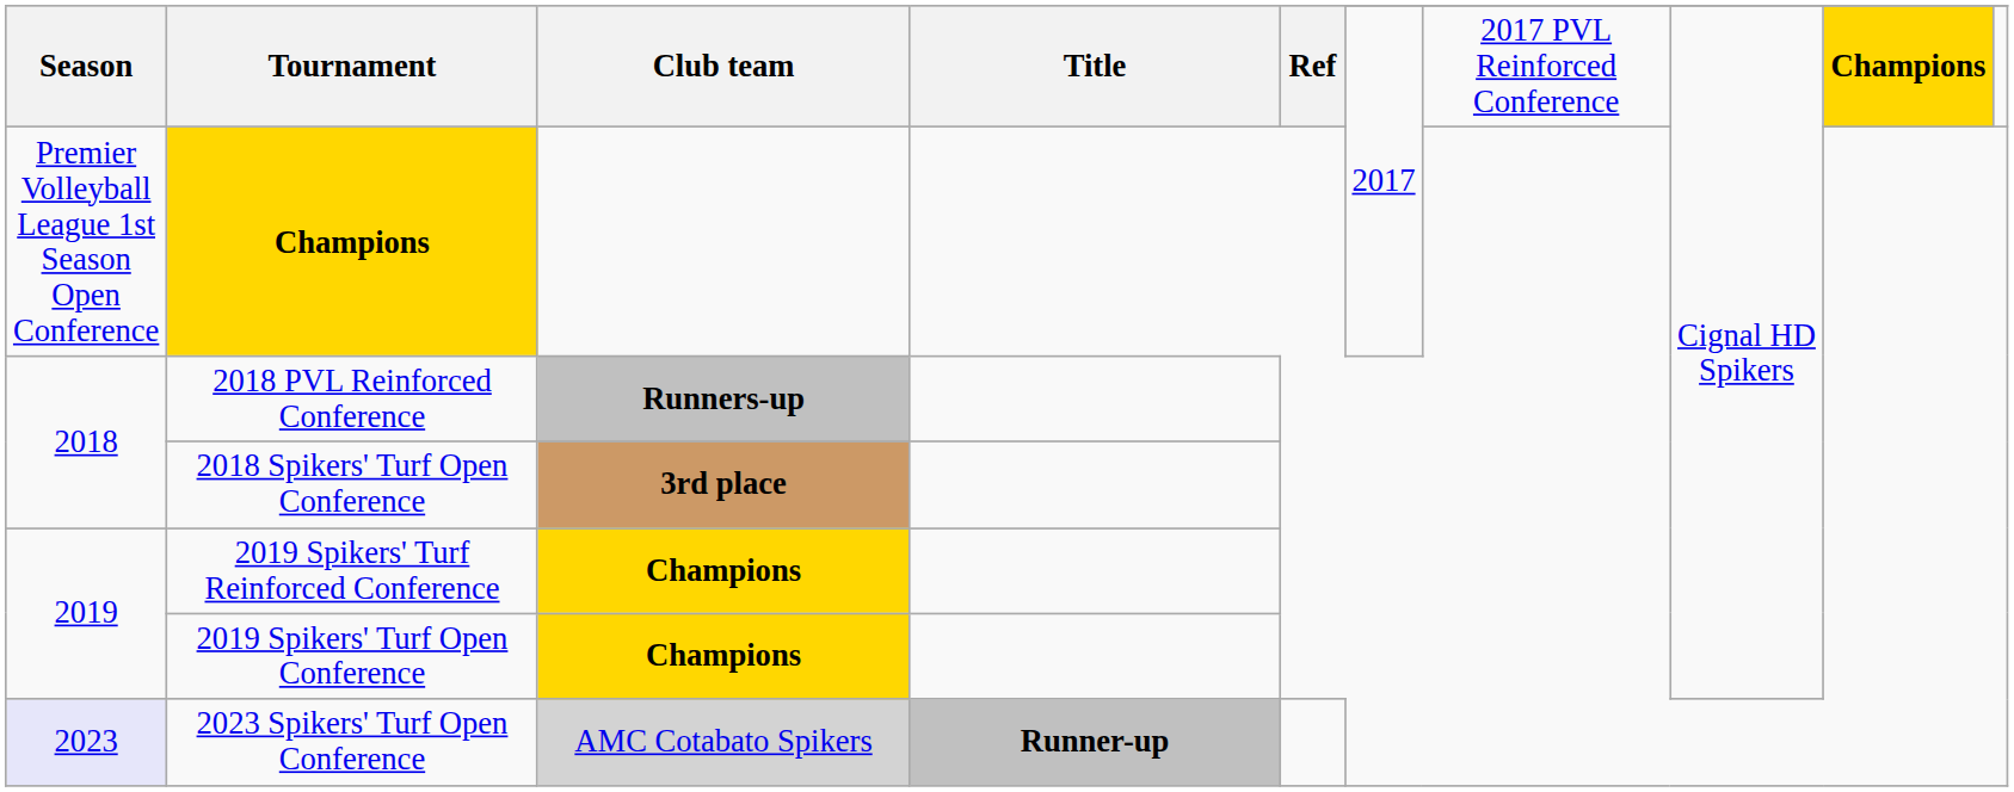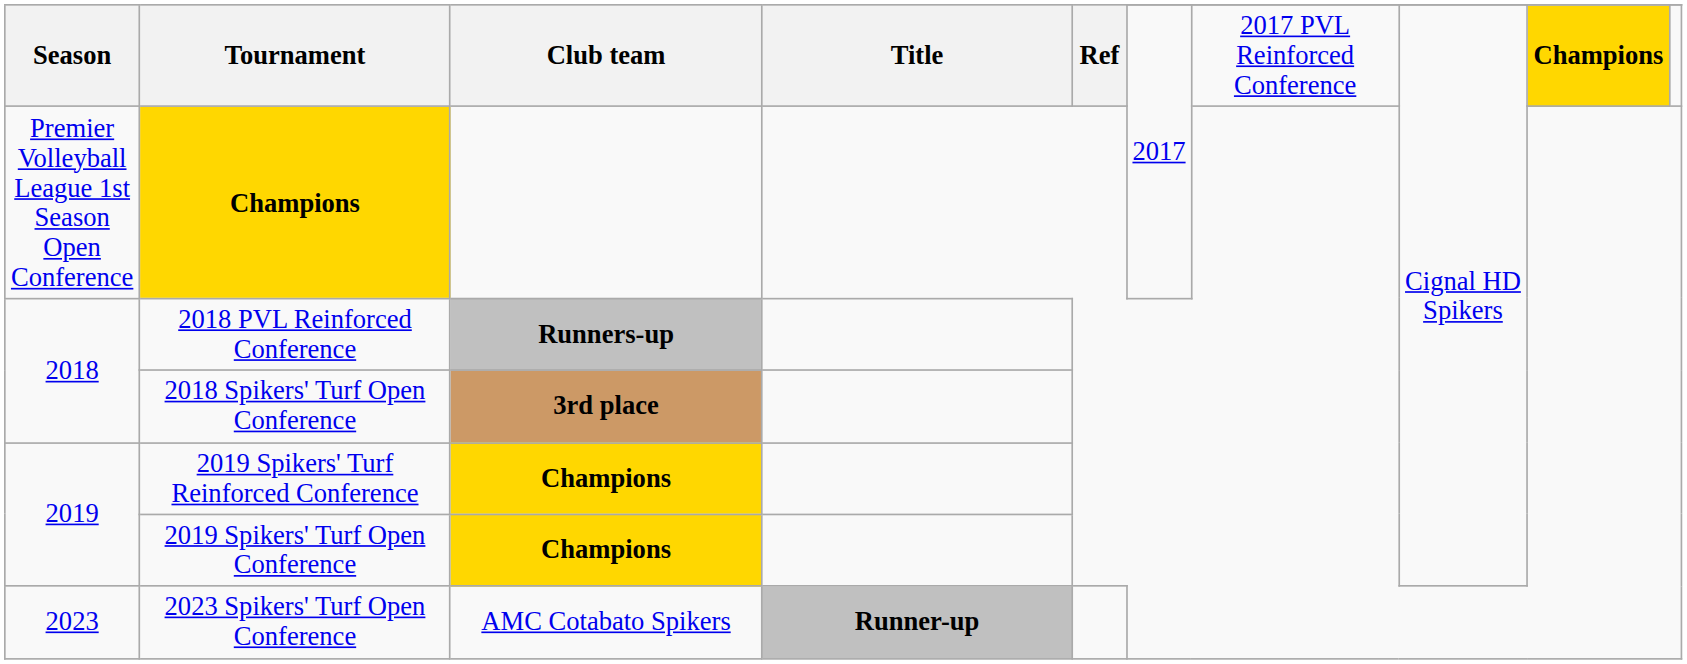 <table class="wikitable sortable" style="text-align:center" width="80%">
 <tr>
 <th style="width:25px;" rowspan="2">Season</th>
 <th style="width:180px;" rowspan="2">Tournament</th>
 <th style="width:180px;" rowspan="2">Club team</th>
 <th style="width:180px;" rowspan="2">Title</th>
 <th style="width:25px;" rowspan="2">Ref</th>
 </tr>
 <tr align=center>
 <td rowspan=2><a href='#'>2017</a></td>
 <td><a href='#'>2017 PVL Reinforced Conference</a></td>
 <td rowspan=6><a href='#'>Cignal HD Spikers</a></td>
 <td style="background:gold"><strong>Champions</strong></td>
 <td></td>
 </tr>
 <tr align=center>
 <td><a href='#'>Premier Volleyball League 1st Season Open Conference</a></td>
 <td style="background:gold"><strong>Champions</strong></td>
 <td></td>
 </tr>
 <tr align=center>
 <td rowspan=2><a href='#'>2018</a></td>
 <td><a href='#'>2018 PVL Reinforced Conference</a></td>
 <td style="background:silver"><strong>Runners-up</strong></td>
 <td></td>
 </tr>
 <tr align=center>
 <td><a href='#'>2018 Spikers' Turf Open Conference</a></td>
 <td style="background:#CC9966;"><strong>3rd place</strong></td>
 <td></td>
 </tr>
 <tr align=center>
 <td rowspan=2><a href='#'>2019</a></td>
 <td><a href='#'>2019 Spikers' Turf Reinforced Conference</a></td>
 <td style="background:gold"><strong>Champions</strong></td>
 <td></td>
 </tr>
 <tr align=center>
 <td><a href='#'>2019 Spikers' Turf Open Conference</a></td>
 <td style="background:gold"><strong>Champions</strong></td>
 <td></td>
 </tr>
 <tr align=center>
-<td style="background: lavender;"><a href='#'>2023</a></td>
+<td><a href='#'>2023</a></td>
 <td><a href='#'>2023 Spikers' Turf Open Conference</a></td>
-<td style="background: lightgrey;"><a href='#'>AMC Cotabato Spikers</a></td>
+<td><a href='#'>AMC Cotabato Spikers</a></td>
 <td style="background:silver;"><strong>Runner-up</strong></td>
 <td></td>
 </tr>
 </table>
